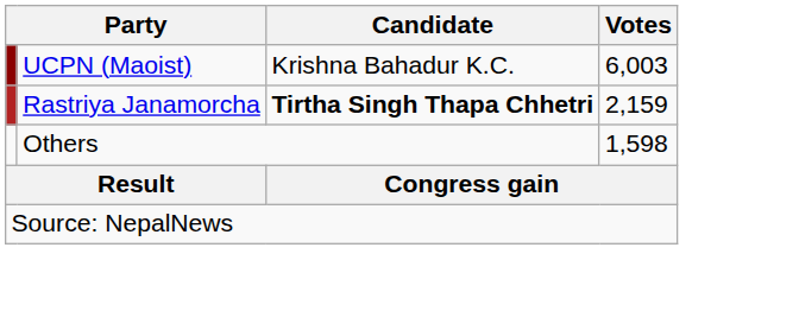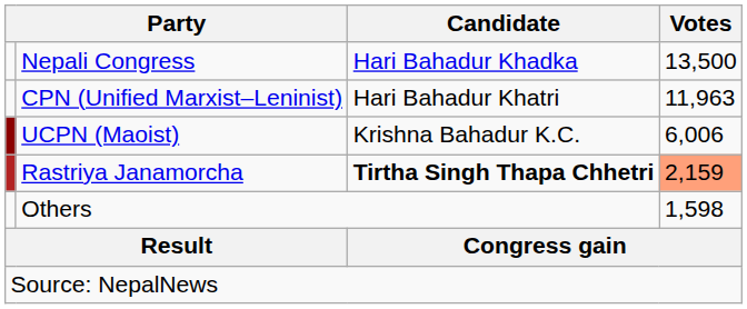 <table class="wikitable">
 <tr>
 <th colspan="2">Party</th>
 <th>Candidate</th>
 <th>Votes</th>
 </tr>
 <tr>
+<td style="background-color:"></td>
+<td><a href='#'>Nepali Congress</a></td>
+<td><a href='#'>Hari Bahadur Khadka</a></td>
+<td>13,500</td>
+</tr>
+<tr>
+<td style="background-color:"></td>
+<td><a href='#'>CPN (Unified Marxist–Leninist)</a></td>
+<td>Hari Bahadur Khatri</td>
+<td>11,963</td>
+</tr>
+<tr>
 <td style="background-color:darkred"></td>
 <td><a href='#'>UCPN (Maoist)</a></td>
 <td>Krishna Bahadur K.C.</td>
-<td>6,003</td>
+<td>6,006</td>
 </tr>
 <tr>
 <td style="background-color:firebrick"></td>
 <td><a href='#'>Rastriya Janamorcha</a></td>
 <td><strong>Tirtha Singh Thapa Chhetri</strong></td>
-<td>2,159</td>
+<td style="background: lightsalmon;">2,159</td>
 </tr>
 <tr>
 <td></td>
 <td colspan="2">Others</td>
 <td>1,598</td>
 </tr>
 <tr>
 <th colspan="2">Result</th>
 <th colspan="2">Congress gain</th>
 </tr>
 <tr>
 <td colspan="4">Source: NepalNews</td>
 </tr>
 </table>
